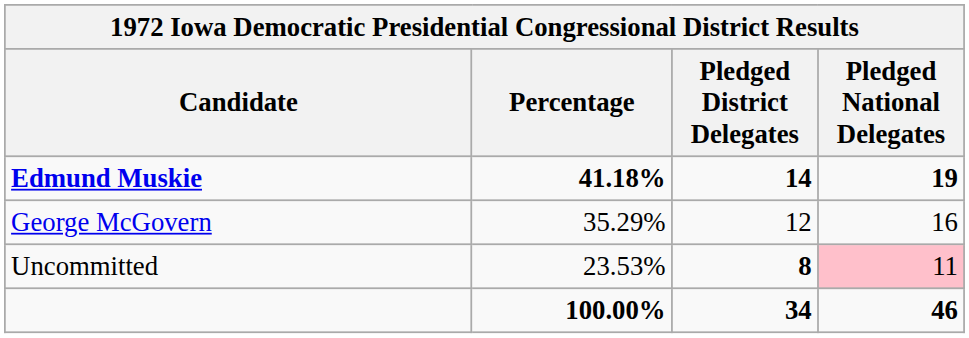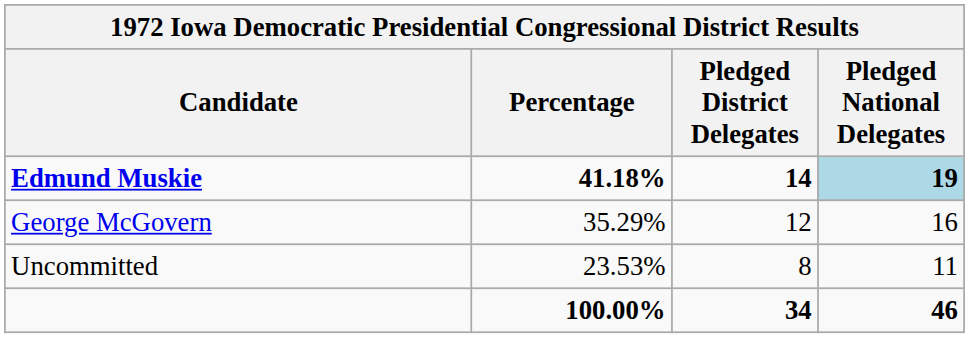 <table class="wikitable" style="font-size:95%;">
 <tr>
 <th colspan="7">1972 Iowa Democratic Presidential Congressional District Results</th>
 </tr>
 <tr>
 <th style="width: 17em">Candidate</th>
 <th style="width: 7em">Percentage</th>
 <th style="width: 5em">Pledged District Delegates<br></th>
 <th style="width: 5em">Pledged National Delegates<br></th>
 </tr>
 <tr>
 <td><strong><a href='#'>Edmund Muskie</a></strong></td>
 <td align="right"><strong>41.18%</strong></td>
 <td align="right"><strong>14</strong></td>
-<td align="right"><strong>19</strong></td>
+<td align="right" style="background: lightblue;"><strong>19</strong></td>
 </tr>
 <tr>
 <td><a href='#'>George McGovern</a></td>
 <td align="right">35.29%</td>
 <td align="right">12</td>
 <td align="right">16</td>
 </tr>
 <tr>
 <td>Uncommitted</td>
 <td align="right">23.53%</td>
-<td align="right"><strong>8</strong></td>
-<td align="right" style="background: pink;">11</td>
+<td align="right">8</td>
+<td align="right">11</td>
 </tr>
 <tr>
 <td></td>
 <td align="right"><strong>100.00%</strong></td>
 <td align="right"><strong>34</strong></td>
 <td align="right"><strong>46</strong></td>
 </tr>
 </table>
